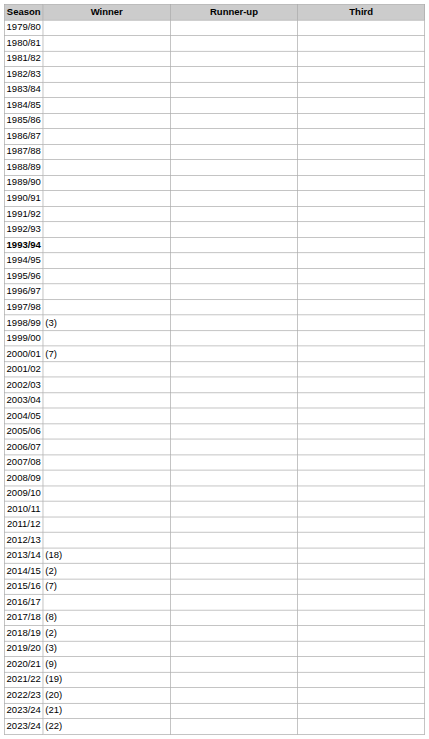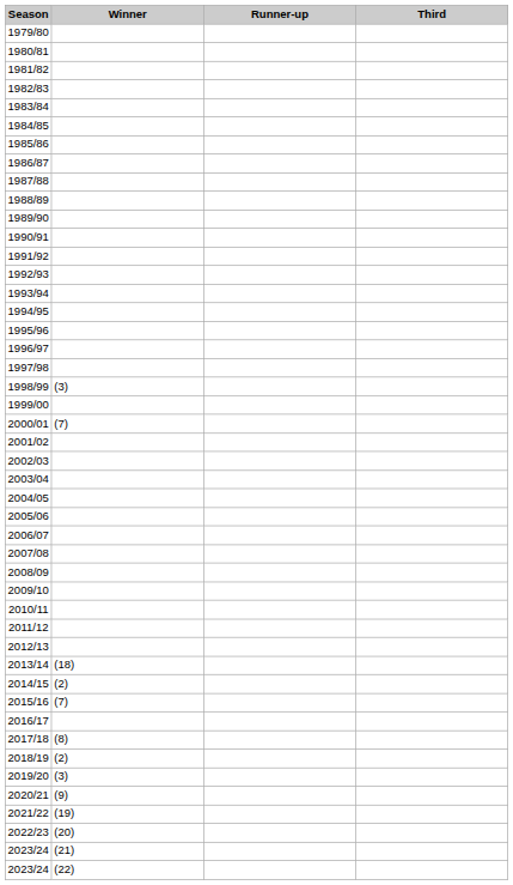 <table class="wikitable plainrowheaders" style="background:#fff; font-size:86%; line-height:16px; border:grey solid 1px; border-collapse:collapse;">
 <tr style="background:#ccc; text-align:center;">
 <th style="background:#ccc;" width="40">Season</th>
 <th style="background:#ccc;" width="180">Winner</th>
 <th style="background:#ccc;" width="180">Runner-up</th>
 <th style="background:#ccc;" width="180">Third</th>
 </tr>
 <tr>
 <td style="text-align: center;">1979/80</td>
 <td></td>
 <td></td>
 <td></td>
 </tr>
 <tr>
 <td style="text-align: center;">1980/81</td>
 <td></td>
 <td></td>
 <td></td>
 </tr>
 <tr>
 <td style="text-align: center;">1981/82</td>
 <td></td>
 <td></td>
 <td></td>
 </tr>
 <tr>
 <td style="text-align: center;">1982/83</td>
 <td></td>
 <td></td>
 <td></td>
 </tr>
 <tr>
 <td style="text-align: center;">1983/84</td>
 <td></td>
 <td></td>
 <td></td>
 </tr>
 <tr>
 <td style="text-align: center;">1984/85</td>
 <td></td>
 <td></td>
 <td></td>
 </tr>
 <tr>
 <td style="text-align: center;">1985/86</td>
 <td></td>
 <td></td>
 <td></td>
 </tr>
 <tr>
 <td style="text-align: center;">1986/87</td>
 <td></td>
 <td></td>
 <td></td>
 </tr>
 <tr>
 <td style="text-align: center;">1987/88</td>
 <td></td>
 <td></td>
 <td></td>
 </tr>
 <tr>
 <td style="text-align: center;">1988/89</td>
 <td></td>
 <td></td>
 <td></td>
 </tr>
 <tr>
 <td style="text-align: center;">1989/90</td>
 <td></td>
 <td></td>
 <td></td>
 </tr>
 <tr>
 <td style="text-align: center;">1990/91</td>
 <td></td>
 <td></td>
 <td></td>
 </tr>
 <tr>
 <td style="text-align: center;">1991/92</td>
 <td></td>
 <td></td>
 <td></td>
 </tr>
 <tr>
 <td style="text-align: center;">1992/93</td>
 <td></td>
 <td></td>
 <td></td>
 </tr>
 <tr>
-<td style="text-align: center;"><strong>1993/94</strong></td>
+<td style="text-align: center;">1993/94</td>
 <td></td>
 <td></td>
 <td></td>
 </tr>
 <tr>
 <td style="text-align: center;">1994/95</td>
 <td></td>
 <td></td>
 <td></td>
 </tr>
 <tr>
 <td style="text-align: center;">1995/96</td>
 <td></td>
 <td></td>
 <td></td>
 </tr>
 <tr>
 <td style="text-align: center;">1996/97</td>
 <td></td>
 <td></td>
 <td></td>
 </tr>
 <tr>
 <td style="text-align: center;">1997/98</td>
 <td></td>
 <td></td>
 <td></td>
 </tr>
 <tr>
 <td style="text-align: center;">1998/99</td>
 <td> (3)</td>
 <td></td>
 <td></td>
 </tr>
 <tr>
 <td style="text-align: center;">1999/00</td>
 <td></td>
 <td></td>
 <td></td>
 </tr>
 <tr>
 <td style="text-align: center;">2000/01</td>
 <td> (7)</td>
 <td></td>
 <td></td>
 </tr>
 <tr>
 <td style="text-align: center;">2001/02</td>
 <td></td>
 <td></td>
 <td></td>
 </tr>
 <tr>
 <td style="text-align: center;">2002/03</td>
 <td></td>
 <td></td>
 <td></td>
 </tr>
 <tr>
 <td style="text-align: center;">2003/04</td>
 <td></td>
 <td></td>
 <td></td>
 </tr>
 <tr>
 <td style="text-align: center;">2004/05</td>
 <td></td>
 <td></td>
 <td></td>
 </tr>
 <tr>
 <td style="text-align: center;">2005/06</td>
 <td></td>
 <td></td>
 <td></td>
 </tr>
 <tr>
 <td style="text-align: center;">2006/07</td>
 <td></td>
 <td></td>
 <td></td>
 </tr>
 <tr>
 <td style="text-align: center;">2007/08</td>
 <td></td>
 <td></td>
 <td></td>
 </tr>
 <tr>
 <td style="text-align: center;">2008/09</td>
 <td></td>
 <td></td>
 <td></td>
 </tr>
 <tr>
 <td style="text-align: center;">2009/10</td>
 <td></td>
 <td></td>
 <td></td>
 </tr>
 <tr>
 <td style="text-align: center;">2010/11</td>
 <td></td>
 <td></td>
 <td></td>
 </tr>
 <tr>
 <td style="text-align: center;">2011/12</td>
 <td></td>
 <td></td>
 <td></td>
 </tr>
 <tr>
 <td style="text-align: center;">2012/13</td>
 <td></td>
 <td></td>
 <td></td>
 </tr>
 <tr>
 <td style="text-align: center;">2013/14</td>
 <td> (18)</td>
 <td></td>
 <td></td>
 </tr>
 <tr>
 <td style="text-align: center;">2014/15</td>
 <td> (2)</td>
 <td></td>
 <td></td>
 </tr>
 <tr>
 <td style="text-align: center;">2015/16</td>
 <td> (7)</td>
 <td></td>
 <td></td>
 </tr>
 <tr>
 <td style="text-align: center;">2016/17</td>
 <td></td>
 <td></td>
 <td></td>
 </tr>
 <tr>
 <td style="text-align: center;">2017/18</td>
 <td> (8)</td>
 <td></td>
 <td></td>
 </tr>
 <tr>
 <td style="text-align: center;">2018/19</td>
 <td> (2)</td>
 <td></td>
 <td></td>
 </tr>
 <tr>
 <td style="text-align: center;">2019/20</td>
 <td> (3)</td>
 <td></td>
 <td></td>
 </tr>
 <tr>
 <td style="text-align: center;">2020/21</td>
 <td> (9)</td>
 <td></td>
 <td></td>
 </tr>
 <tr>
 <td style="text-align: center;">2021/22</td>
 <td> (19)</td>
 <td></td>
 <td></td>
 </tr>
 <tr>
 <td style="text-align: center;">2022/23</td>
 <td> (20)</td>
 <td></td>
 <td></td>
 </tr>
 <tr>
 <td style="text-align: center;">2023/24</td>
 <td> (21)</td>
 <td></td>
 <td></td>
 </tr>
 <tr>
 <td style="text-align: center;">2023/24</td>
 <td> (22)</td>
 <td></td>
 <td></td>
 </tr>
 </table>
